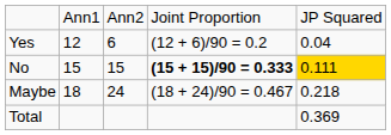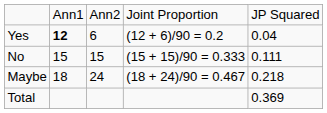 <table class="wikitable" border="1">
 <tr>
 <td></td>
 <td>Ann1</td>
 <td>Ann2</td>
 <td>Joint Proportion</td>
 <td>JP Squared</td>
 </tr>
 <tr>
 <td>Yes</td>
-<td>12</td>
+<td><strong>12</strong></td>
 <td>6</td>
 <td>(12 + 6)/90 = 0.2</td>
 <td>0.04</td>
 </tr>
 <tr>
 <td>No</td>
 <td>15</td>
 <td>15</td>
-<td><strong>(15 + 15)/90 = 0.333</strong></td>
-<td style="background: gold;">0.111</td>
+<td>(15 + 15)/90 = 0.333</td>
+<td>0.111</td>
 </tr>
 <tr>
 <td>Maybe</td>
 <td>18</td>
 <td>24</td>
 <td>(18 + 24)/90 = 0.467</td>
 <td>0.218</td>
 </tr>
 <tr>
 <td>Total</td>
 <td></td>
 <td></td>
 <td></td>
 <td>0.369</td>
 </tr>
 </table>
